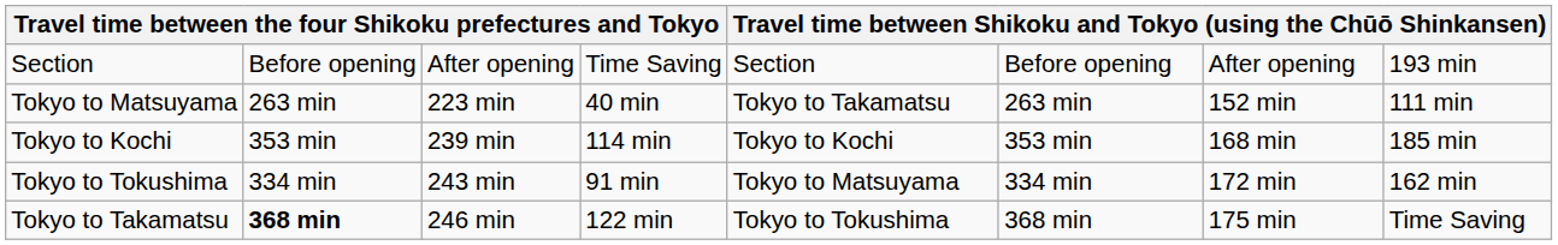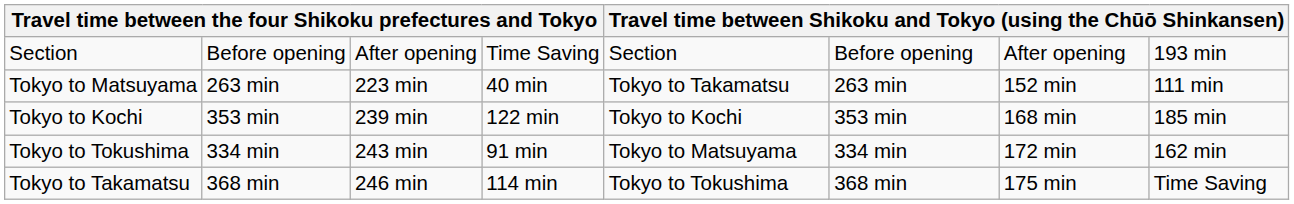 <table class="wikitable">
 <tr>
 <th colspan=4>Travel time between the four Shikoku prefectures and Tokyo</th>
 <th colspan=4>Travel time between Shikoku and Tokyo (using the Chūō Shinkansen)</th>
 </tr>
 <tr>
 <td>Section</td>
 <td>Before opening</td>
 <td>After opening</td>
 <td>Time Saving</td>
 <td>Section</td>
 <td>Before opening</td>
 <td>After opening</td>
 <td>193 min</td>
 </tr>
 <tr>
 <td>Tokyo to Matsuyama</td>
 <td>263 min</td>
 <td>223 min</td>
 <td>40 min</td>
 <td>Tokyo to Takamatsu</td>
 <td>263 min</td>
 <td>152 min</td>
 <td>111 min</td>
 </tr>
 <tr>
 <td>Tokyo to Kochi</td>
 <td>353 min</td>
 <td>239 min</td>
-<td>114 min</td>
+<td>122 min</td>
 <td>Tokyo to Kochi</td>
 <td>353 min</td>
 <td>168 min</td>
 <td>185 min</td>
 </tr>
 <tr>
 <td>Tokyo to Tokushima</td>
 <td>334 min</td>
 <td>243 min</td>
 <td>91 min</td>
 <td>Tokyo to Matsuyama</td>
 <td>334 min</td>
 <td>172 min</td>
 <td>162 min</td>
 </tr>
 <tr>
 <td>Tokyo to Takamatsu</td>
-<td><strong>368 min</strong></td>
+<td>368 min</td>
 <td>246 min</td>
-<td>122 min</td>
+<td>114 min</td>
 <td>Tokyo to Tokushima</td>
 <td>368 min</td>
 <td>175 min</td>
 <td>Time Saving</td>
 </tr>
 </table>
